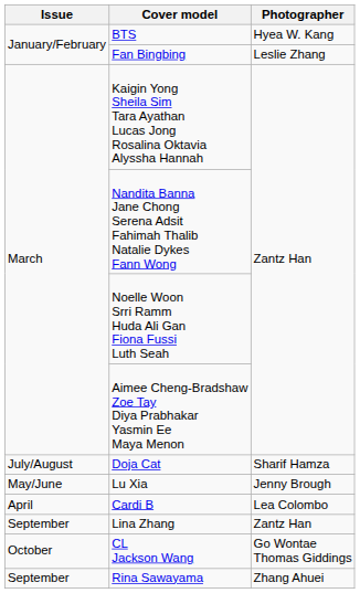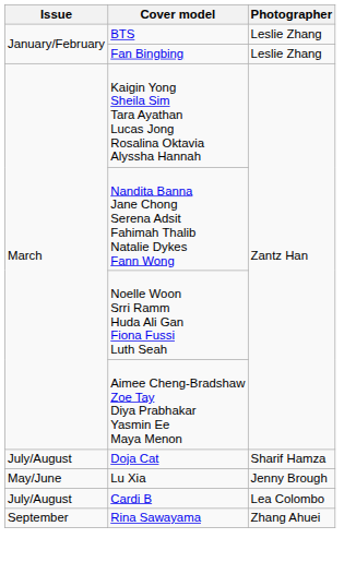 <table class="sortable wikitable">
 <tr>
 <th>Issue</th>
 <th>Cover model</th>
 <th>Photographer</th>
 </tr>
 <tr>
 <td rowspan = 2>January/February</td>
 <td><a href='#'>BTS</a></td>
-<td>Hyea W. Kang</td>
+<td>Leslie Zhang</td>
 </tr>
 <tr>
 <td><a href='#'>Fan Bingbing</a></td>
 <td>Leslie Zhang</td>
 </tr>
 <tr>
 <td rowspan="4">March</td>
 <td><br>Kaigin Yong<br> <a href='#'>Sheila Sim</a><br> Tara Ayathan<br> Lucas Jong<br> Rosalina Oktavia <br> Alyssha Hannah<br></td>
 <td rowspan="4">Zantz Han</td>
 </tr>
 <tr>
 <td><br><a href='#'>Nandita Banna</a><br> Jane Chong<br> Serena Adsit<br> Fahimah Thalib<br> Natalie Dykes<br> <a href='#'>Fann Wong</a><br></td>
 </tr>
 <tr>
 <td><br>Noelle Woon<br> Srri Ramm<br> Huda Ali Gan<br> <a href='#'>Fiona Fussi</a><br> Luth Seah<br></td>
 </tr>
 <tr>
 <td><br>Aimee Cheng-Bradshaw<br> <a href='#'>Zoe Tay</a><br> Diya Prabhakar<br> Yasmin Ee<br> Maya Menon<br></td>
 </tr>
 <tr>
 <td>July/August</td>
 <td><a href='#'>Doja Cat</a></td>
 <td>Sharif Hamza</td>
 </tr>
 <tr>
 <td>May/June</td>
 <td>Lu Xia</td>
 <td>Jenny Brough</td>
 </tr>
 <tr>
-<td>April</td>
+<td>July/August</td>
 <td><a href='#'>Cardi B</a></td>
 <td>Lea Colombo</td>
-</tr>
-<tr>
-<td>September</td>
-<td>Lina Zhang</td>
-<td>Zantz Han</td>
-</tr>
-<tr>
-<td>October</td>
-<td><a href='#'>CL</a> <br> <a href='#'>Jackson Wang</a></td>
-<td>Go Wontae <br> Thomas Giddings</td>
 </tr>
 <tr>
 <td>September</td>
 <td><a href='#'>Rina Sawayama</a></td>
 <td>Zhang Ahuei</td>
 </tr>
 </table>
